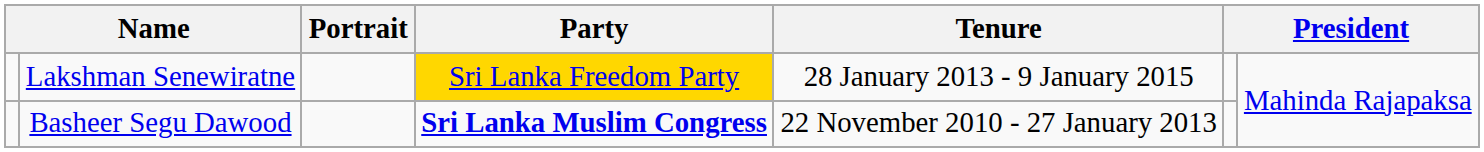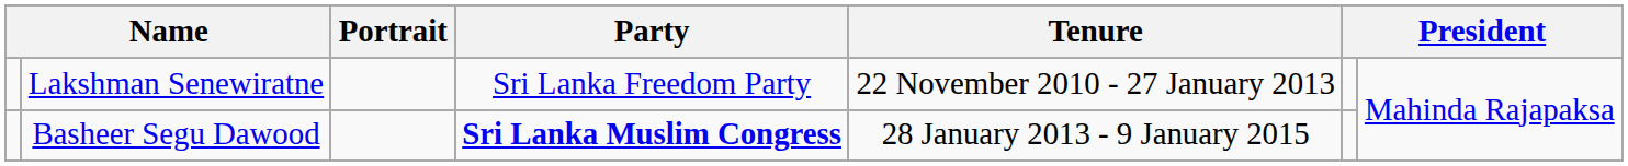 <table class="wikitable" style="margin:1em auto; font-size:90%; text-align:center;">
 <tr>
 <th colspan="2">Name</th>
 <th>Portrait</th>
 <th>Party</th>
 <th>Tenure</th>
 <th colspan="2"><a href='#'>President</a></th>
 </tr>
 <tr>
 <td !align="centre" style="background:"></td>
 <td><a href='#'>Lakshman Senewiratne</a></td>
 <td></td>
-<td style="background: gold;"><a href='#'>Sri Lanka Freedom Party</a></td>
-<td>28 January 2013 - 9 January 2015</td>
+<td><a href='#'>Sri Lanka Freedom Party</a></td>
+<td>22 November 2010 - 27 January 2013</td>
 <td !align="center" style="background:"></td>
 <td rowspan="2"><a href='#'>Mahinda Rajapaksa</a></td>
 </tr>
 <tr>
 <td !align="centre" style="background:"></td>
 <td><a href='#'>Basheer Segu Dawood</a></td>
 <td></td>
 <td><strong><a href='#'>Sri Lanka Muslim Congress</a></strong></td>
-<td>22 November 2010 - 27 January 2013</td>
+<td>28 January 2013 - 9 January 2015</td>
 <td !align="center" style="background:"></td>
 </tr>
 </table>
